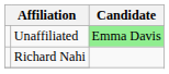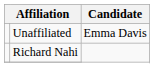 <table class="wikitable sortable">
 <tr>
 <th colspan=2>Affiliation</th>
 <th>Candidate</th>
 </tr>
 <tr>
 <td bgcolor=></td>
 <td>Unaffiliated</td>
-<td style="background: lightgreen;">Emma Davis</td>
+<td>Emma Davis</td>
 </tr>
 <tr>
 <td></td>
 <td>Richard Nahi</td>
 </tr>
 <tr>
 </tr>
 </table>
